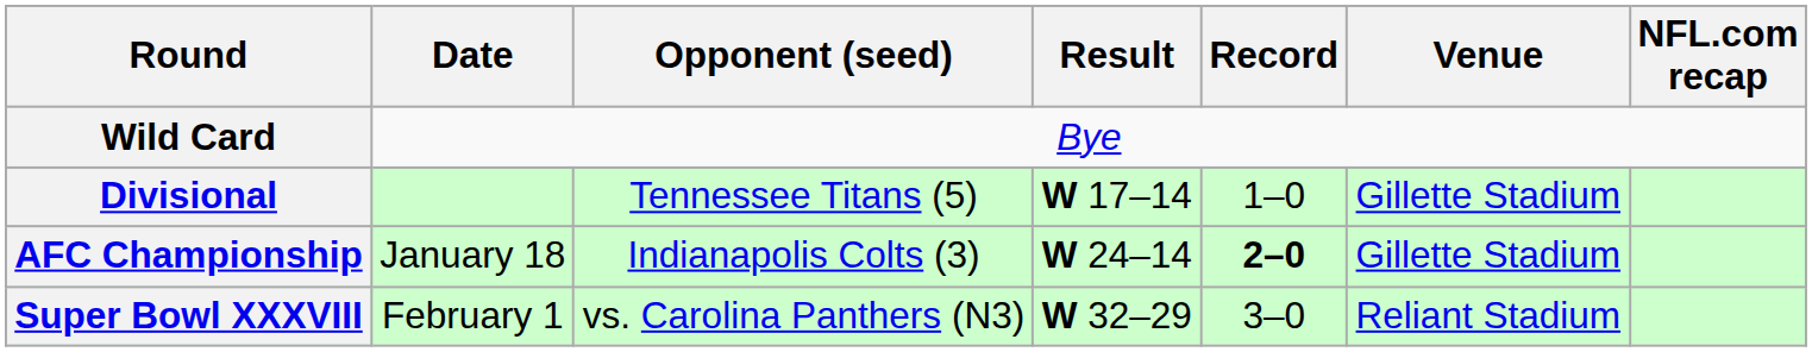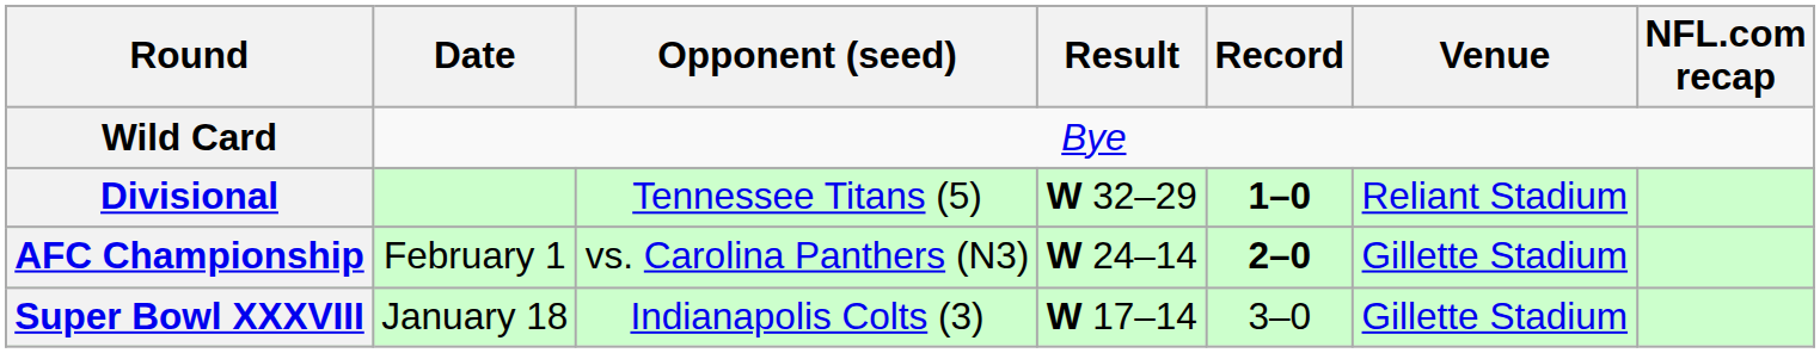 <table class="wikitable" style="text-align:center">
 <tr>
 <th>Round</th>
 <th>Date</th>
 <th>Opponent (seed)</th>
 <th>Result</th>
 <th>Record</th>
 <th>Venue</th>
 <th>NFL.com<br>recap</th>
 </tr>
 <tr align="center">
 <th>Wild Card</th>
 <td colspan="8" align="center"><em><a href='#'>Bye</a></em></td>
 </tr>
 <tr style="background: #cfc;">
 <th><a href='#'>Divisional</a></th>
 <td></td>
 <td><a href='#'>Tennessee Titans</a> (5)</td>
-<td><strong>W</strong> 17–14</td>
-<td align="center">1–0</td>
-<td><a href='#'>Gillette Stadium</a></td>
+<td><strong>W</strong> 32–29</td>
+<td align="center"><strong>1–0</strong></td>
+<td><a href='#'>Reliant Stadium</a></td>
 <td></td>
 </tr>
 <tr style="background: #cfc;">
 <th><a href='#'>AFC Championship</a></th>
-<td>January 18</td>
-<td><a href='#'>Indianapolis Colts</a> (3)</td>
+<td>February 1</td>
+<td>vs. <a href='#'>Carolina Panthers</a> (N3)</td>
 <td><strong>W</strong> 24–14</td>
 <td align="center"><strong>2–0</strong></td>
 <td><a href='#'>Gillette Stadium</a></td>
 <td></td>
 </tr>
 <tr style="background: #cfc;">
 <th><a href='#'>Super Bowl XXXVIII</a></th>
-<td>February 1</td>
-<td>vs. <a href='#'>Carolina Panthers</a> (N3)</td>
-<td><strong>W</strong> 32–29</td>
+<td>January 18</td>
+<td><a href='#'>Indianapolis Colts</a> (3)</td>
+<td><strong>W</strong> 17–14</td>
 <td align="center">3–0</td>
-<td><a href='#'>Reliant Stadium</a></td>
+<td><a href='#'>Gillette Stadium</a></td>
 <td></td>
 </tr>
 </table>
